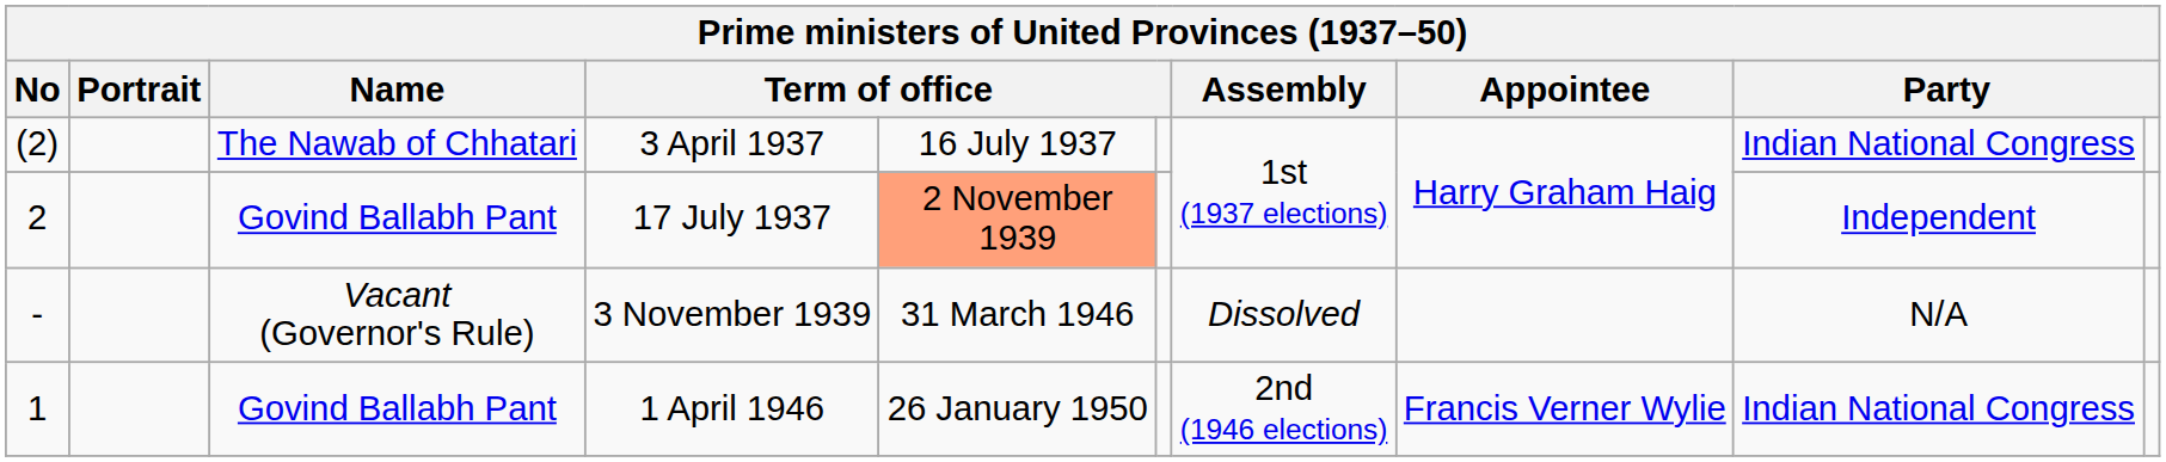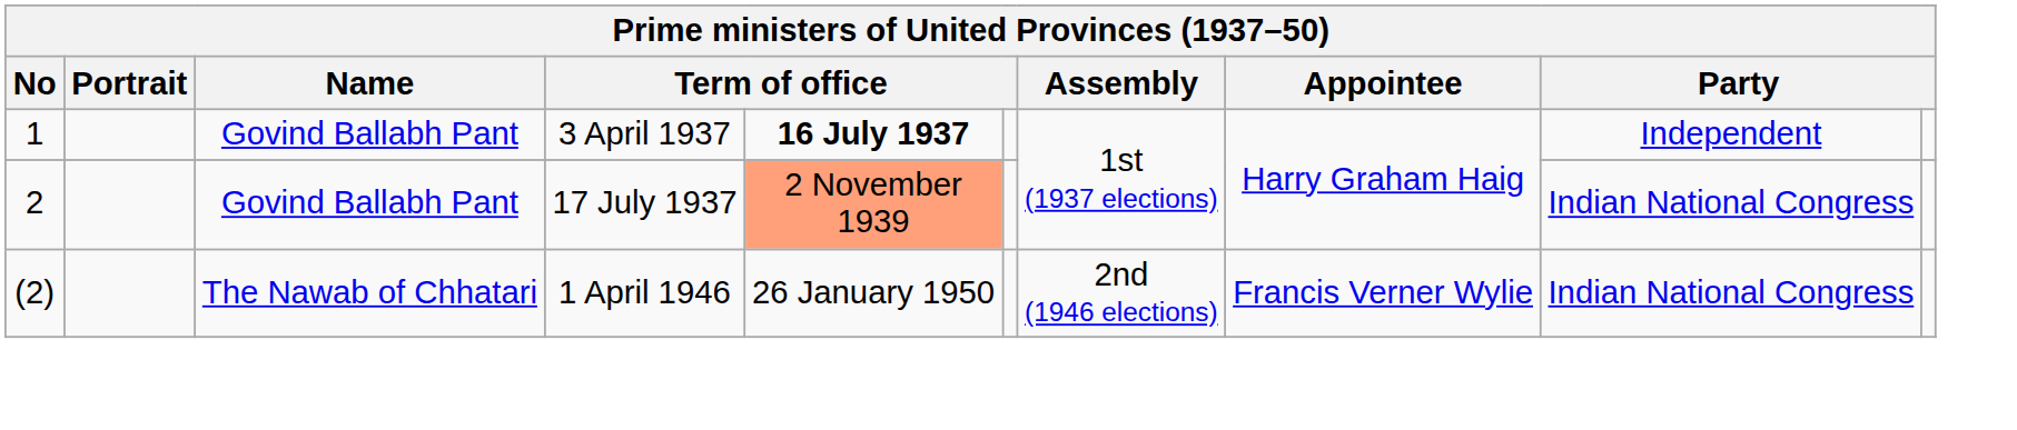 <table class="wikitable">
 <tr>
 <th colspan="10">Prime ministers of United Provinces (1937–50)</th>
 </tr>
 <tr>
 <th>No</th>
 <th>Portrait</th>
 <th>Name</th>
 <th colspan="3">Term of office</th>
 <th>Assembly</th>
 <th>Appointee</th>
 <th colspan="2">Party</th>
 </tr>
 <tr align="center">
-<td>(2)</td>
+<td>1</td>
 <td></td>
-<td><a href='#'>The Nawab of Chhatari</a></td>
+<td><a href='#'>Govind Ballabh Pant</a></td>
 <td>3 April 1937</td>
-<td>16 July 1937</td>
+<td><strong>16 July 1937</strong></td>
 <td></td>
 <td rowspan="2">1st<br><a href='#'><small>(1937 elections)</small></a></td>
 <td rowspan="2"><a href='#'>Harry Graham Haig</a></td>
-<td><a href='#'>Indian National Congress</a></td>
+<td><a href='#'>Independent</a></td>
 <td style="background-color: "></td>
 </tr>
 <tr align="center">
 <td>2</td>
 <td></td>
 <td><a href='#'>Govind Ballabh Pant</a></td>
 <td>17 July 1937</td>
 <td style="background: lightsalmon;">2 November<br>1939</td>
 <td></td>
-<td><a href='#'>Independent</a></td>
+<td><a href='#'>Indian National Congress</a></td>
 <td style="background-color: "></td>
 </tr>
 <tr align="center">
-<td>-</td>
+<td>(2)</td>
 <td></td>
-<td><em>Vacant</em><br>(Governor's Rule)</td>
-<td>3 November 1939</td>
-<td>31 March 1946</td>
-<td></td>
-<td><em>Dissolved</em></td>
-<td></td>
-<td>N/A</td>
-<td></td>
-</tr>
-<tr align="center">
-<td>1</td>
-<td></td>
-<td><a href='#'>Govind Ballabh Pant</a></td>
+<td><a href='#'>The Nawab of Chhatari</a></td>
 <td>1 April 1946</td>
 <td>26 January 1950</td>
 <td></td>
 <td>2nd<br><a href='#'><small>(1946 elections)</small></a></td>
 <td><a href='#'>Francis Verner Wylie</a></td>
 <td><a href='#'>Indian National Congress</a></td>
 <td style="background-color: "></td>
 </tr>
 </table>
